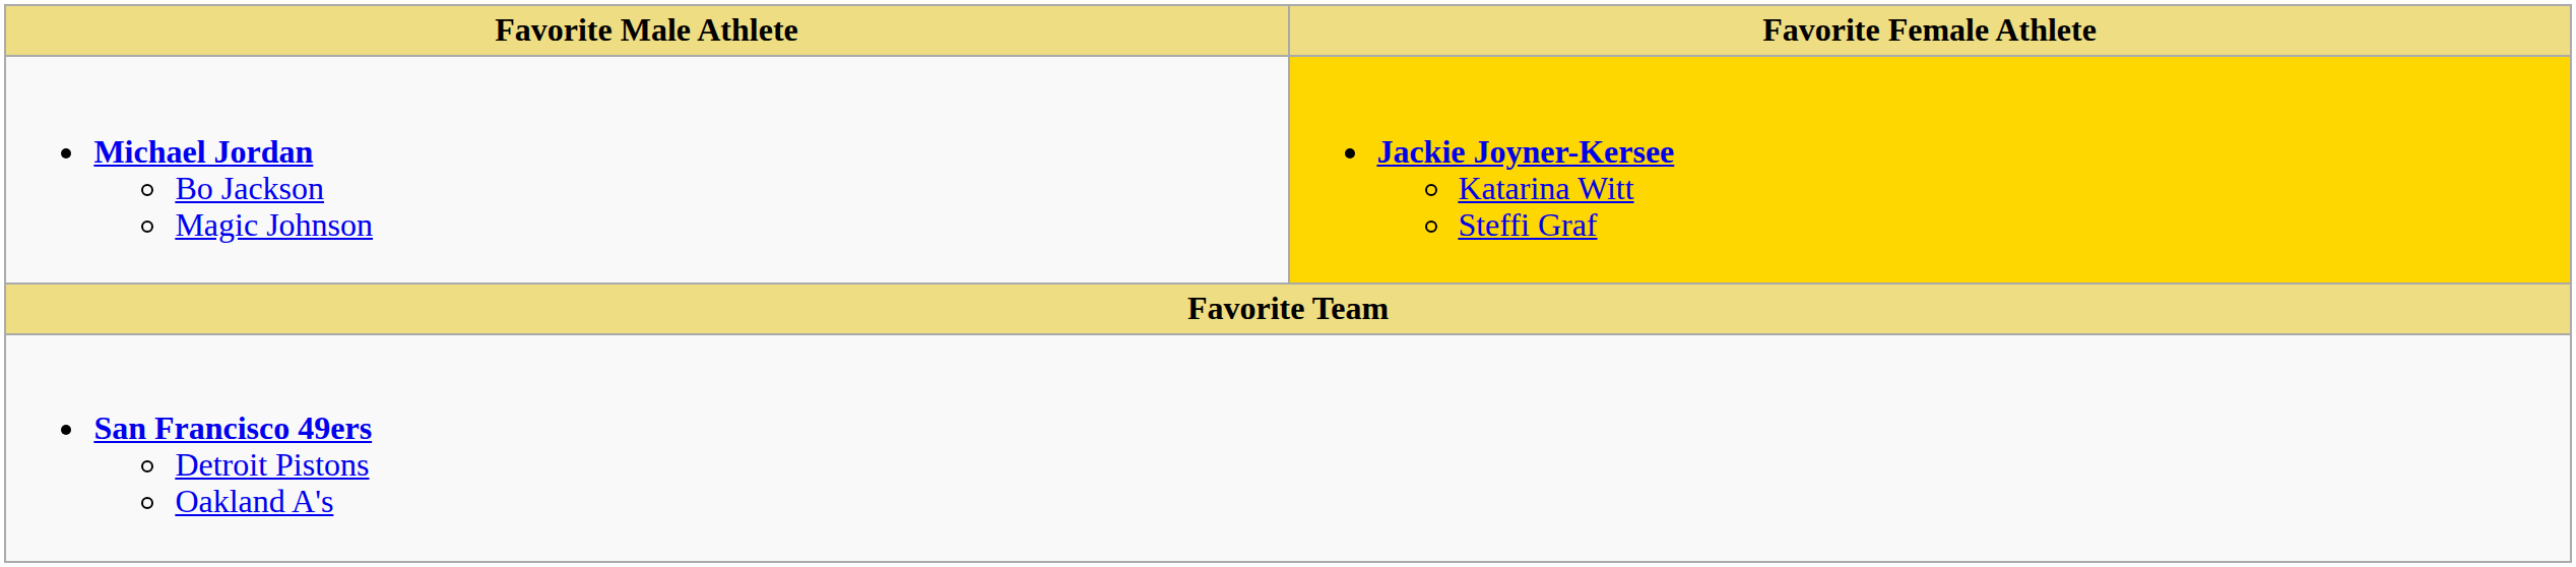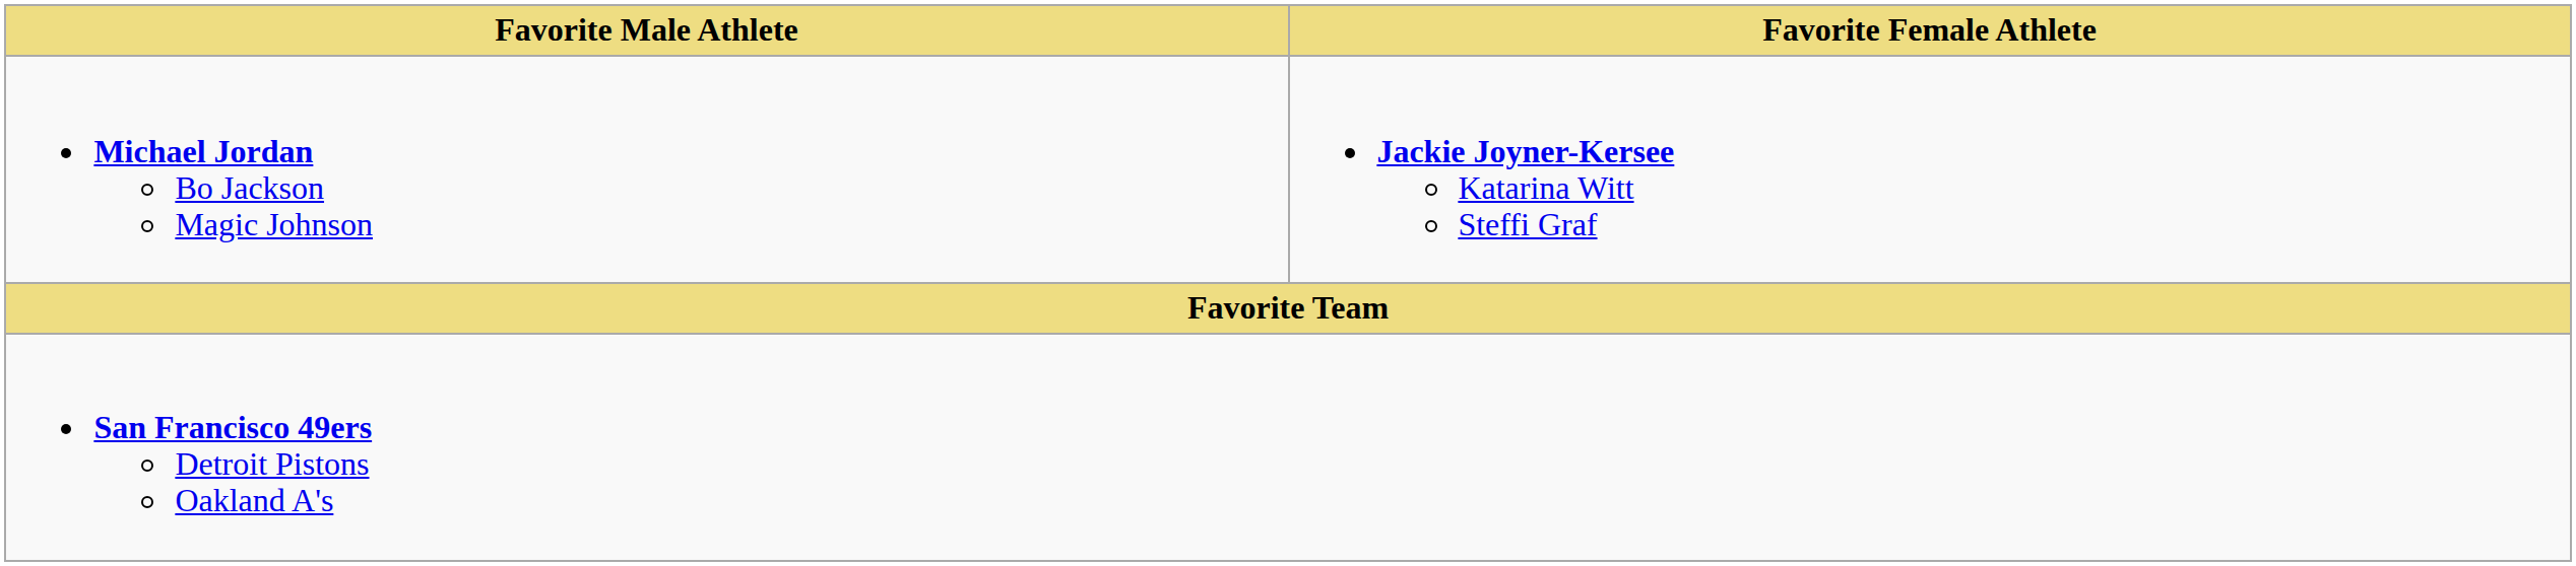 <table class="wikitable" style="width:100%">
 <tr>
 <th style="background:#EEDD82; width:50%">Favorite Male Athlete</th>
 <th style="background:#EEDD82; width:50%">Favorite Female Athlete</th>
 </tr>
 <tr>
 <td valign="top"><br><ul><li><strong><a href='#'>Michael Jordan</a></strong><ul><li><a href='#'>Bo Jackson</a></li><li><a href='#'>Magic Johnson</a></li></ul></li></ul></td>
-<td valign="top" style="background: gold;"><br><ul><li><strong><a href='#'>Jackie Joyner-Kersee</a></strong><ul><li><a href='#'>Katarina Witt</a></li><li><a href='#'>Steffi Graf</a></li></ul></li></ul></td>
+<td valign="top"><br><ul><li><strong><a href='#'>Jackie Joyner-Kersee</a></strong><ul><li><a href='#'>Katarina Witt</a></li><li><a href='#'>Steffi Graf</a></li></ul></li></ul></td>
 </tr>
 <tr>
 <th style="background:#EEDD82;" colspan="2">Favorite Team</th>
 </tr>
 <tr>
 <td colspan="2" valign="top"><br><ul><li><strong><a href='#'>San Francisco 49ers</a></strong><ul><li><a href='#'>Detroit Pistons</a></li><li><a href='#'>Oakland A's</a></li></ul></li></ul></td>
 </tr>
 </table>
